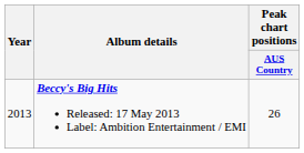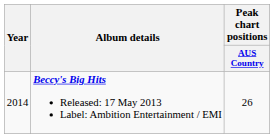 <table class="wikitable" style="text-align:center;">
 <tr>
 <th rowspan="2">Year</th>
 <th rowspan="2">Album details</th>
 <th colspan="1">Peak chart positions</th>
 </tr>
 <tr>
 <th style="width:3em;font-size:85%"><a href='#'>AUS<br>Country</a><br></th>
 </tr>
 <tr>
-<td>2013</td>
+<td>2014</td>
 <td align="left"><strong><em><a href='#'>Beccy's Big Hits</a></em></strong><br><ul><li>Released: 17 May 2013</li><li>Label: Ambition Entertainment / EMI</li></ul></td>
 <td>26</td>
 </tr>
 </table>
